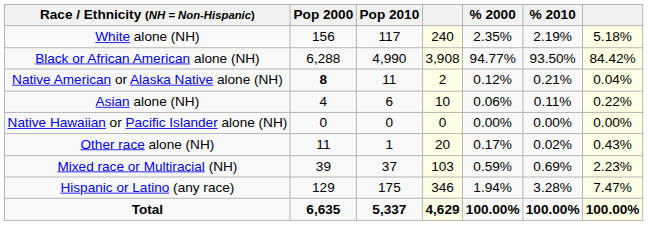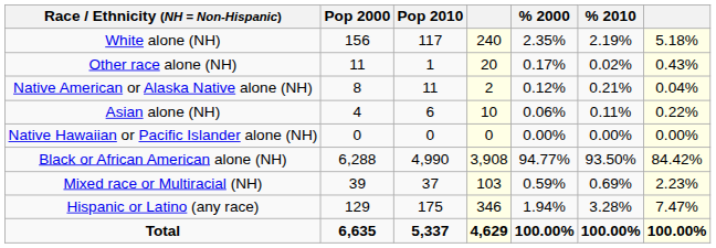 <table class="wikitable" style="text-align:center;">
 <tr>
 <th>Race / Ethnicity <small>(<em>NH = Non-Hispanic</em>)</small></th>
 <th>Pop 2000</th>
 <th>Pop 2010</th>
 <th></th>
 <th>% 2000</th>
 <th>% 2010</th>
 <th></th>
 </tr>
 <tr>
 <td><a href='#'>White</a> alone (NH)</td>
 <td>156</td>
 <td>117</td>
 <td style='background: #ffffe6;'>240</td>
 <td>2.35%</td>
 <td>2.19%</td>
 <td style='background: #ffffe6;'>5.18%</td>
 </tr>
 <tr>
-<td><a href='#'>Black or African American</a> alone (NH)</td>
-<td>6,288</td>
-<td>4,990</td>
-<td style='background: #ffffe6;'>3,908</td>
-<td>94.77%</td>
-<td>93.50%</td>
-<td style='background: #ffffe6;'>84.42%</td>
+<td><a href='#'>Other race</a> alone (NH)</td>
+<td>11</td>
+<td>1</td>
+<td style='background: #ffffe6;'>20</td>
+<td>0.17%</td>
+<td>0.02%</td>
+<td style='background: #ffffe6;'>0.43%</td>
 </tr>
 <tr>
 <td><a href='#'>Native American</a> or <a href='#'>Alaska Native</a> alone (NH)</td>
-<td><strong>8</strong></td>
+<td>8</td>
 <td>11</td>
 <td style='background: #ffffe6;'>2</td>
 <td>0.12%</td>
 <td>0.21%</td>
 <td style='background: #ffffe6;'>0.04%</td>
 </tr>
 <tr>
 <td><a href='#'>Asian</a> alone (NH)</td>
 <td>4</td>
 <td>6</td>
 <td style='background: #ffffe6;'>10</td>
 <td>0.06%</td>
 <td>0.11%</td>
 <td style='background: #ffffe6;'>0.22%</td>
 </tr>
 <tr>
 <td><a href='#'>Native Hawaiian</a> or <a href='#'>Pacific Islander</a> alone (NH)</td>
 <td>0</td>
 <td>0</td>
 <td style='background: #ffffe6;'>0</td>
 <td>0.00%</td>
 <td>0.00%</td>
 <td style='background: #ffffe6;'>0.00%</td>
 </tr>
 <tr>
-<td><a href='#'>Other race</a> alone (NH)</td>
-<td>11</td>
-<td>1</td>
-<td style='background: #ffffe6;'>20</td>
-<td>0.17%</td>
-<td>0.02%</td>
-<td style='background: #ffffe6;'>0.43%</td>
+<td><a href='#'>Black or African American</a> alone (NH)</td>
+<td>6,288</td>
+<td>4,990</td>
+<td style='background: #ffffe6;'>3,908</td>
+<td>94.77%</td>
+<td>93.50%</td>
+<td style='background: #ffffe6;'>84.42%</td>
 </tr>
 <tr>
 <td><a href='#'>Mixed race or Multiracial</a> (NH)</td>
 <td>39</td>
 <td>37</td>
 <td style='background: #ffffe6;'>103</td>
 <td>0.59%</td>
 <td>0.69%</td>
 <td style='background: #ffffe6;'>2.23%</td>
 </tr>
 <tr>
 <td><a href='#'>Hispanic or Latino</a> (any race)</td>
 <td>129</td>
 <td>175</td>
 <td style='background: #ffffe6;'>346</td>
 <td>1.94%</td>
 <td>3.28%</td>
 <td style='background: #ffffe6;'>7.47%</td>
 </tr>
 <tr>
 <td><strong>Total</strong></td>
 <td><strong>6,635</strong></td>
 <td><strong>5,337</strong></td>
 <td style='background: #ffffe6;'><strong>4,629</strong></td>
 <td><strong>100.00%</strong></td>
 <td><strong>100.00%</strong></td>
 <td style='background: #ffffe6;'><strong>100.00%</strong></td>
 </tr>
 </table>
